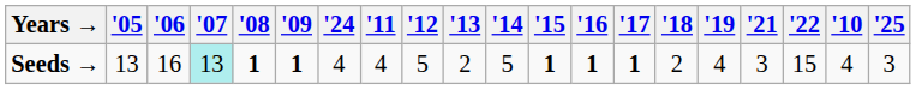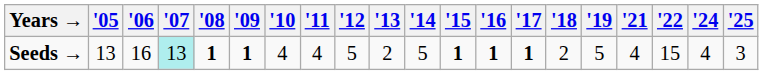 <table class="wikitable">
 <tr>
 <th>Years →</th>
 <th><a href='#'>'05</a></th>
 <th><a href='#'>'06</a></th>
 <th><a href='#'>'07</a></th>
 <th><a href='#'>'08</a></th>
 <th><a href='#'>'09</a></th>
-<th><a href='#'>'24</a></th>
+<th><a href='#'>'10</a></th>
 <th><a href='#'>'11</a></th>
 <th><a href='#'>'12</a></th>
 <th><a href='#'>'13</a></th>
 <th><a href='#'>'14</a></th>
 <th><a href='#'>'15</a></th>
 <th><a href='#'>'16</a></th>
 <th><a href='#'>'17</a></th>
 <th><a href='#'>'18</a></th>
 <th><a href='#'>'19</a></th>
 <th><a href='#'>'21</a></th>
 <th><a href='#'>'22</a></th>
-<th><a href='#'>'10</a></th>
+<th><a href='#'>'24</a></th>
 <th><a href='#'>'25</a></th>
 </tr>
 <tr align=center>
 <td style="text-align:left; "><strong>Seeds →</strong></td>
 <td>13</td>
 <td>16</td>
 <td style="background: paleturquoise;">13</td>
 <td><strong>1</strong></td>
 <td><strong>1</strong></td>
 <td>4</td>
 <td>4</td>
 <td>5</td>
 <td>2</td>
 <td>5</td>
 <td><strong>1</strong></td>
 <td><strong>1</strong></td>
 <td><strong>1</strong></td>
 <td>2</td>
+<td>5</td>
 <td>4</td>
-<td>3</td>
 <td>15</td>
 <td>4</td>
 <td>3</td>
 </tr>
 </table>
